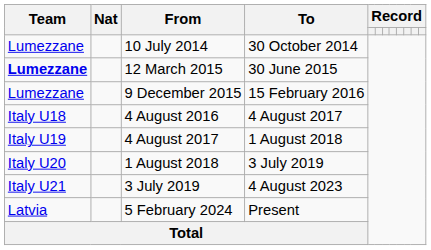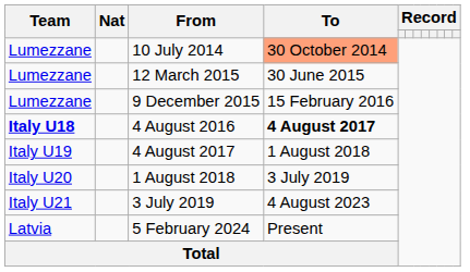 <table class="wikitable" style="text-align:center">
 <tr>
 <th rowspan="2">Team</th>
 <th rowspan="2">Nat</th>
 <th rowspan="2">From</th>
 <th rowspan="2">To</th>
 <th colspan="8">Record</th>
 </tr>
 <tr>
 <th></th>
 <th></th>
 <th></th>
 <th></th>
 <th></th>
 <th></th>
 <th></th>
 <th></th>
 </tr>
 <tr>
 <td align=left><a href='#'>Lumezzane</a></td>
 <td></td>
 <td align=left>10 July 2014</td>
-<td align=left>30 October 2014<br></td>
+<td align=left style="background: lightsalmon;">30 October 2014<br></td>
 </tr>
 <tr>
-<td align=left><strong><a href='#'>Lumezzane</a></strong></td>
+<td align=left><a href='#'>Lumezzane</a></td>
 <td></td>
 <td align=left>12 March 2015</td>
 <td align=left>30 June 2015<br></td>
 </tr>
 <tr>
 <td align=left><a href='#'>Lumezzane</a></td>
 <td></td>
 <td align=left>9 December 2015</td>
 <td align=left>15 February 2016<br></td>
 </tr>
 <tr>
-<td align=left><a href='#'>Italy U18</a></td>
+<td align=left><strong><a href='#'>Italy U18</a></strong></td>
 <td></td>
 <td align=left>4 August 2016</td>
-<td align=left>4 August 2017<br></td>
+<td align=left><strong>4 August 2017<br></strong></td>
 </tr>
 <tr>
 <td align=left><a href='#'>Italy U19</a></td>
 <td></td>
 <td align=left>4 August 2017</td>
 <td align=left>1 August 2018<br></td>
 </tr>
 <tr>
 <td align=left><a href='#'>Italy U20</a></td>
 <td></td>
 <td align=left>1 August 2018</td>
 <td align=left>3 July 2019<br></td>
 </tr>
 <tr>
 <td align=left><a href='#'>Italy U21</a></td>
 <td></td>
 <td align=left>3 July 2019</td>
 <td align=left>4 August 2023<br></td>
 </tr>
 <tr>
 <td align=left><a href='#'>Latvia</a></td>
 <td></td>
 <td align=left>5 February 2024</td>
 <td align=left>Present<br></td>
 </tr>
 <tr>
 <th colspan="4">Total<br></th>
 </tr>
 </table>
